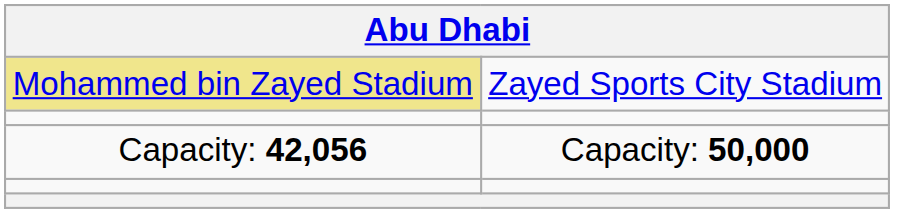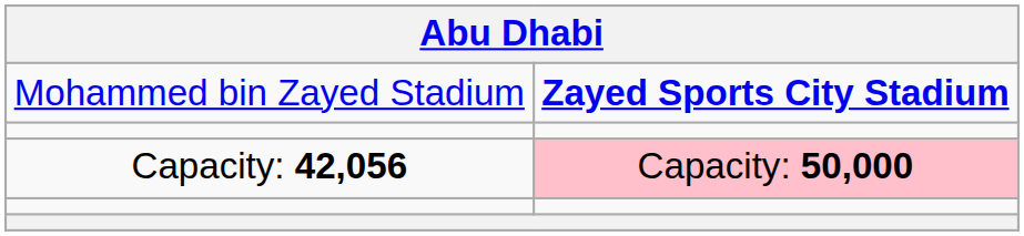 <table class="wikitable" style="text-align:center">
 <tr>
 <th colspan="2"><a href='#'>Abu Dhabi</a></th>
 </tr>
 <tr>
-<td style="background: khaki;"><a href='#'>Mohammed bin Zayed Stadium</a></td>
-<td><a href='#'>Zayed Sports City Stadium</a></td>
+<td><a href='#'>Mohammed bin Zayed Stadium</a></td>
+<td><strong><a href='#'>Zayed Sports City Stadium</a></strong></td>
 </tr>
 <tr>
 <td><small></small></td>
 <td><small></small></td>
 </tr>
 <tr>
 <td>Capacity: <strong>42,056</strong></td>
-<td>Capacity: <strong>50,000</strong></td>
+<td style="background: pink;">Capacity: <strong>50,000</strong></td>
 </tr>
 <tr>
 <td></td>
 <td></td>
 </tr>
 <tr>
 <th rowspan=1 colspan=5></th>
 </tr>
 </table>
